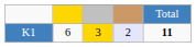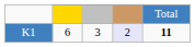 <table class="wikitable"  style="font-size:95%; text-align:center; border:gray solid 1px; width:40%;">
 <tr>
 <td rowspan="2" style="width:3%;"></td>
 </tr>
 <tr>
 <td style="width:2%;" bgcolor=gold></td>
 <td style="width:2%;" bgcolor=silver></td>
 <td style="width:2%;" bgcolor=cc9966></td>
 <td style="width:2%; background-color:#4180be; color:white;">Total</td>
 </tr>
 <tr>
 <td style="background-color:#4180be; color:white;">K1</td>
 <td>6</td>
-<td style="background: gold;">3</td>
+<td>3</td>
 <td style="background: lavender;">2</td>
 <td><strong>11</strong></td>
 </tr>
 </table>
